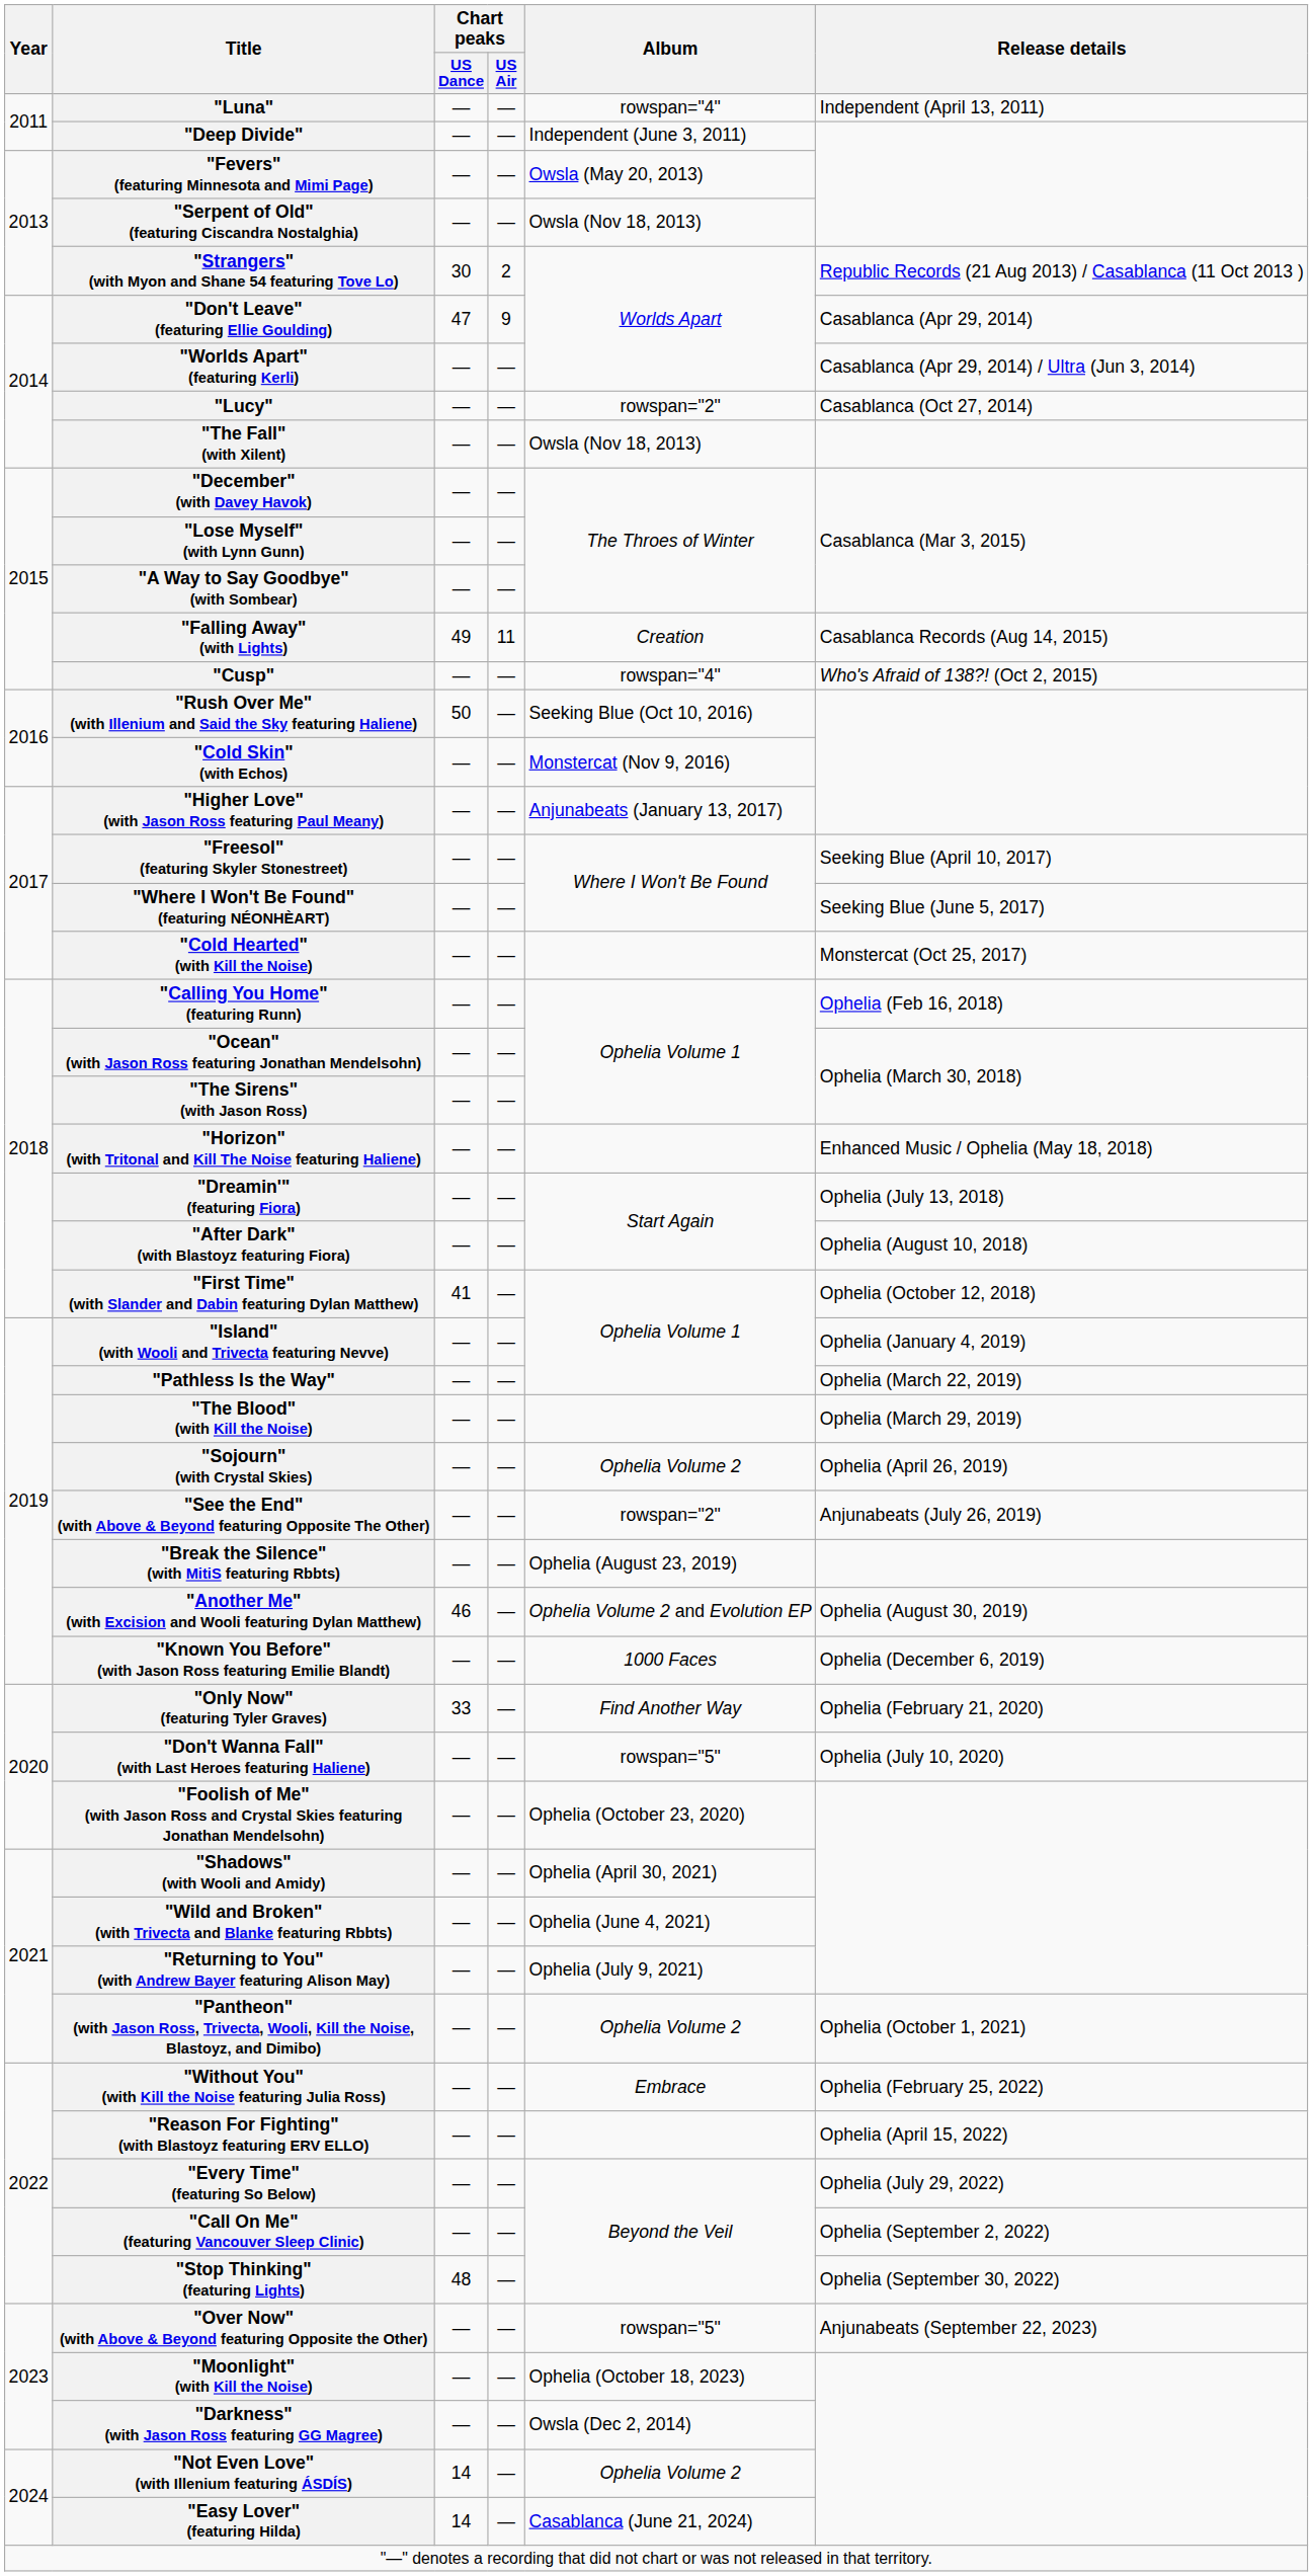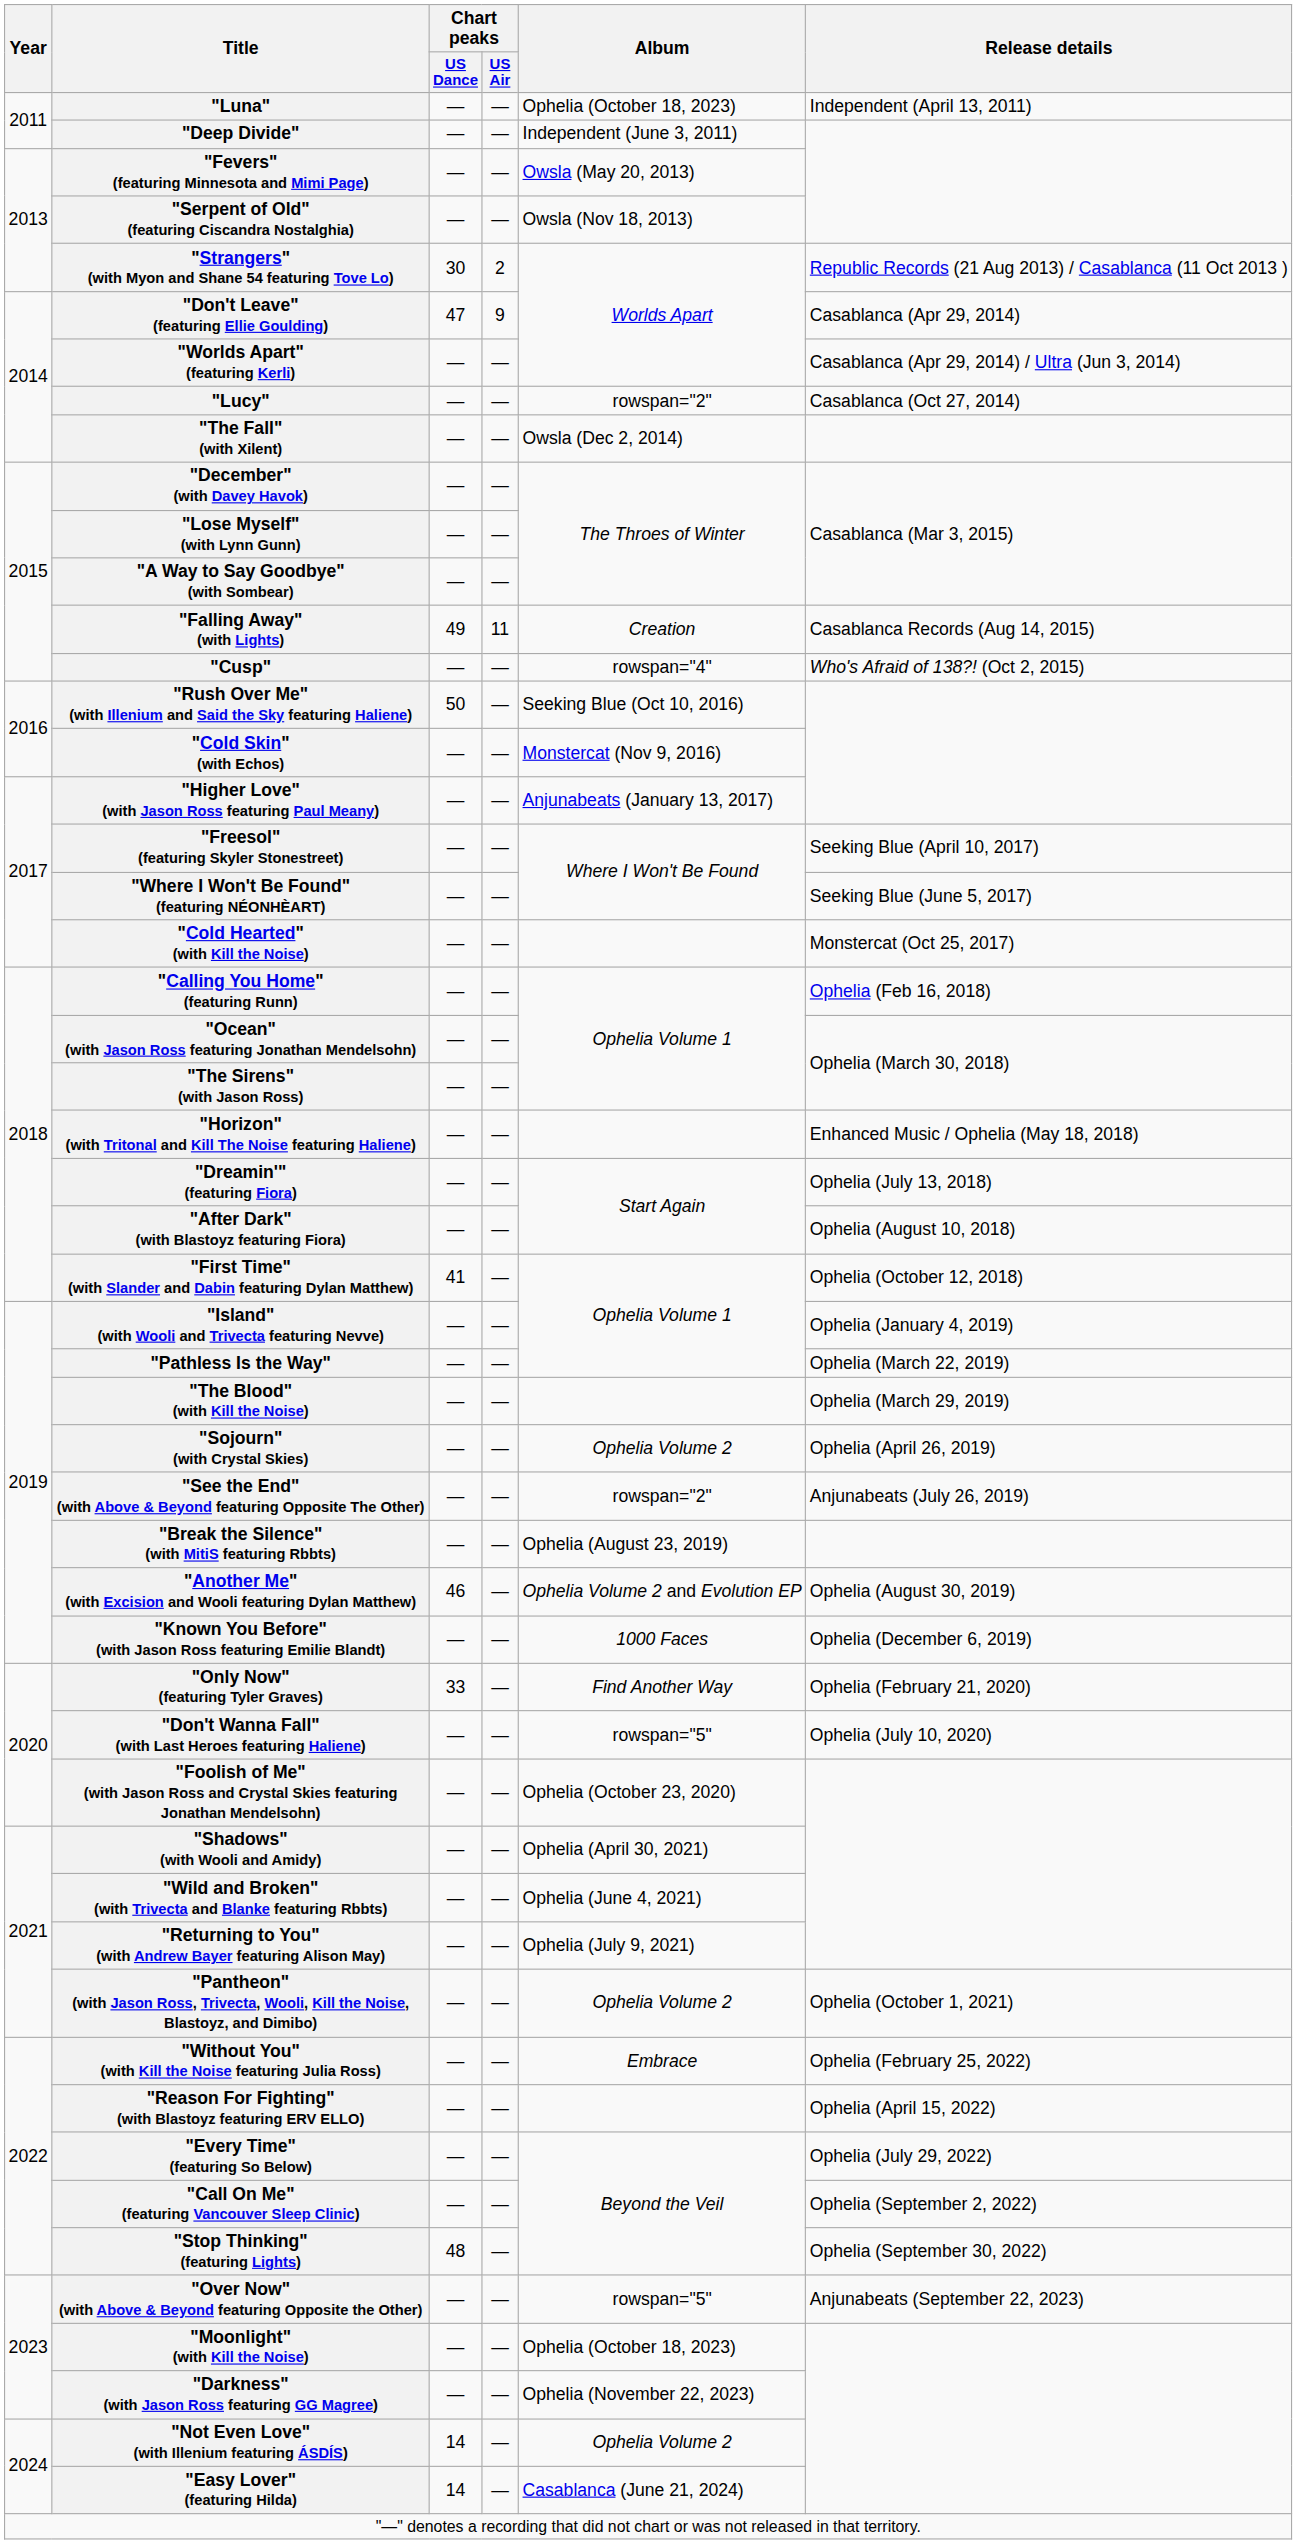 <table class="wikitable plainrowheaders" style="text-align:center;">
 <tr>
 <th scope="col" rowspan="2">Year</th>
 <th scope="col" rowspan="2" style="width:21em;">Title</th>
 <th scope="col" colspan="2">Chart peaks</th>
 <th scope="col" rowspan="2">Album</th>
 <th scope="col" rowspan="2">Release details</th>
 </tr>
 <tr>
 <th style="width:2em;font-size:85%;"><a href='#'>US Dance</a><br></th>
 <th style="width:2em;font-size:85%;"><a href='#'>US<br>Air</a><br></th>
 </tr>
 <tr>
 <td rowspan="2">2011</td>
 <th scope="row">"Luna"</th>
 <td>—</td>
 <td>—</td>
-<td>rowspan="4" </td>
+<td align="left">Ophelia (October 18, 2023)</td>
 <td align="left">Independent (April 13, 2011)</td>
 </tr>
 <tr>
 <th scope="row">"Deep Divide"</th>
 <td>—</td>
 <td>—</td>
 <td align="left">Independent (June 3, 2011)</td>
 </tr>
 <tr>
 <td rowspan="3">2013</td>
 <th scope="row">"Fevers" <br><small>(featuring Minnesota and <a href='#'>Mimi Page</a>)</small></th>
 <td>—</td>
 <td>—</td>
 <td align="left"><a href='#'>Owsla</a> (May 20, 2013)</td>
 </tr>
 <tr>
 <th scope="row">"Serpent of Old" <br><small>(featuring Ciscandra Nostalghia)</small></th>
 <td>—</td>
 <td>—</td>
 <td align="left">Owsla (Nov 18, 2013)</td>
 </tr>
 <tr>
 <th scope="row">"<a href='#'>Strangers</a>" <br><small>(with Myon and Shane 54 featuring <a href='#'>Tove Lo</a>)</small></th>
 <td>30</td>
 <td>2</td>
 <td rowspan="3"><em><a href='#'>Worlds Apart</a></em></td>
 <td align="left"><a href='#'>Republic Records</a> (21 Aug 2013) / <a href='#'>Casablanca</a> (11 Oct 2013 )</td>
 </tr>
 <tr>
 <td rowspan="4">2014</td>
 <th scope="row">"Don't Leave" <br><small>(featuring <a href='#'>Ellie Goulding</a>)</small></th>
 <td>47</td>
 <td>9</td>
 <td align="left">Casablanca (Apr 29, 2014)</td>
 </tr>
 <tr>
 <th scope="row">"Worlds Apart" <br><small>(featuring <a href='#'>Kerli</a>)</small></th>
 <td>—</td>
 <td>—</td>
 <td align="left">Casablanca (Apr 29, 2014) / <a href='#'>Ultra</a> (Jun 3, 2014)</td>
 </tr>
 <tr>
 <th scope="row">"Lucy"</th>
 <td>—</td>
 <td>—</td>
 <td>rowspan="2" </td>
 <td align="left">Casablanca (Oct 27, 2014)</td>
 </tr>
 <tr>
 <th scope="row">"The Fall" <br><small>(with Xilent)</small></th>
 <td>—</td>
 <td>—</td>
-<td align="left">Owsla (Nov 18, 2013)</td>
+<td align="left">Owsla (Dec 2, 2014)</td>
 </tr>
 <tr>
 <td rowspan="5">2015</td>
 <th scope="row">"December" <br><small>(with <a href='#'>Davey Havok</a>)</small></th>
 <td>—</td>
 <td>—</td>
 <td rowspan="3"><em>The Throes of Winter</em></td>
 <td align="left" rowspan="3">Casablanca (Mar 3, 2015)</td>
 </tr>
 <tr>
 <th scope="row">"Lose Myself" <br><small>(with Lynn Gunn)</small></th>
 <td>—</td>
 <td>—</td>
 </tr>
 <tr>
 <th scope="row">"A Way to Say Goodbye" <br><small>(with Sombear)</small></th>
 <td>—</td>
 <td>—</td>
 </tr>
 <tr>
 <th scope="row">"Falling Away" <br><small>(with <a href='#'>Lights</a>)</small></th>
 <td>49</td>
 <td>11</td>
 <td><em>Creation</em></td>
 <td align="left">Casablanca Records (Aug 14, 2015)</td>
 </tr>
 <tr>
 <th scope="row">"Cusp"</th>
 <td>—</td>
 <td>—</td>
 <td>rowspan="4" </td>
 <td align="left"><em>Who's Afraid of 138?!</em> (Oct 2, 2015)</td>
 </tr>
 <tr>
 <td rowspan="2">2016</td>
 <th scope="row">"Rush Over Me" <br><small>(with <a href='#'>Illenium</a> and <a href='#'>Said the Sky</a> featuring <a href='#'>Haliene</a>)</small></th>
 <td>50</td>
 <td>—</td>
 <td align="left">Seeking Blue (Oct 10, 2016)</td>
 </tr>
 <tr>
 <th scope="row">"<a href='#'>Cold Skin</a>" <br><small>(with Echos)</small></th>
 <td>—</td>
 <td>—</td>
 <td align="left"><a href='#'>Monstercat</a> (Nov 9, 2016)</td>
 </tr>
 <tr>
 <td rowspan="4">2017</td>
 <th scope="row">"Higher Love" <br><small>(with <a href='#'>Jason Ross</a> featuring <a href='#'>Paul Meany</a>)</small></th>
 <td>—</td>
 <td>—</td>
 <td align="left"><a href='#'>Anjunabeats</a> (January 13, 2017)</td>
 </tr>
 <tr>
 <th scope="row">"Freesol" <br><small>(featuring Skyler Stonestreet)</small></th>
 <td>—</td>
 <td>—</td>
 <td rowspan="2"><em>Where I Won't Be Found</em></td>
 <td align="left">Seeking Blue (April 10, 2017)</td>
 </tr>
 <tr>
 <th scope="row">"Where I Won't Be Found" <br><small>(featuring NÉONHÈART)</small></th>
 <td>—</td>
 <td>—</td>
 <td align="left">Seeking Blue (June 5, 2017)</td>
 </tr>
 <tr>
 <th scope="row">"<a href='#'>Cold Hearted</a>" <br><small>(with <a href='#'>Kill the Noise</a>)</small></th>
 <td>—</td>
 <td>—</td>
 <td></td>
 <td align="left">Monstercat (Oct 25, 2017)</td>
 </tr>
 <tr>
 <td rowspan="7">2018</td>
 <th scope="row">"<a href='#'>Calling You Home</a>" <br><small>(featuring Runn)</small></th>
 <td>—</td>
 <td>—</td>
 <td rowspan="3"><em>Ophelia Volume 1</em></td>
 <td align="left"><a href='#'>Ophelia</a> (Feb 16, 2018)</td>
 </tr>
 <tr>
 <th scope="row">"Ocean" <br><small>(with <a href='#'>Jason Ross</a> featuring Jonathan Mendelsohn)</small></th>
 <td>—</td>
 <td>—</td>
 <td align="left" rowspan="2">Ophelia (March 30, 2018)</td>
 </tr>
 <tr>
 <th scope="row">"The Sirens" <br><small>(with Jason Ross)</small></th>
 <td>—</td>
 <td>—</td>
 </tr>
 <tr>
 <th scope="row">"Horizon" <br><small>(with <a href='#'>Tritonal</a> and <a href='#'>Kill The Noise</a> featuring <a href='#'>Haliene</a>)</small></th>
 <td>—</td>
 <td>—</td>
 <td></td>
 <td align="left">Enhanced Music / Ophelia (May 18, 2018)</td>
 </tr>
 <tr>
 <th scope="row">"Dreamin'" <br><small>(featuring <a href='#'>Fiora</a>)</small></th>
 <td>—</td>
 <td>—</td>
 <td rowspan="2"><em>Start Again</em></td>
 <td align="left">Ophelia (July 13, 2018)</td>
 </tr>
 <tr>
 <th scope="row">"After Dark" <br><small>(with Blastoyz featuring Fiora)</small></th>
 <td>—</td>
 <td>—</td>
 <td align="left">Ophelia (August 10, 2018)</td>
 </tr>
 <tr>
 <th scope="row">"First Time"  <br><small>(with <a href='#'>Slander</a> and <a href='#'>Dabin</a> featuring Dylan Matthew)</small></th>
 <td>41 </td>
 <td>—</td>
 <td rowspan="3"><em>Ophelia Volume 1</em></td>
 <td align="left">Ophelia (October 12, 2018)</td>
 </tr>
 <tr>
 <td rowspan="8">2019</td>
 <th scope="row">"Island"  <br><small>(with <a href='#'>Wooli</a> and <a href='#'>Trivecta</a> featuring Nevve)</small></th>
 <td>—</td>
 <td>—</td>
 <td align="left">Ophelia (January 4, 2019)</td>
 </tr>
 <tr>
 <th scope="row">"Pathless Is the Way"</th>
 <td>—</td>
 <td>—</td>
 <td align="left">Ophelia (March 22, 2019)</td>
 </tr>
 <tr>
 <th scope="row">"The Blood"  <br><small>(with <a href='#'>Kill the Noise</a>)</small></th>
 <td>—</td>
 <td>—</td>
 <td></td>
 <td align="left">Ophelia (March 29, 2019)</td>
 </tr>
 <tr>
 <th scope="row">"Sojourn" <br><small>(with Crystal Skies)</small></th>
 <td>—</td>
 <td>—</td>
 <td><em>Ophelia Volume 2</em></td>
 <td align="left">Ophelia (April 26, 2019)</td>
 </tr>
 <tr>
 <th scope="row">"See the End" <br><small>(with <a href='#'>Above & Beyond</a> featuring Opposite The Other)</small></th>
 <td>—</td>
 <td>—</td>
 <td>rowspan="2" </td>
 <td align="left">Anjunabeats (July 26, 2019)</td>
 </tr>
 <tr>
 <th scope="row">"Break the Silence" <br><small>(with <a href='#'>MitiS</a> featuring Rbbts)</small></th>
 <td>—</td>
 <td>—</td>
 <td align="left">Ophelia (August 23, 2019)</td>
 </tr>
 <tr>
 <th scope="row">"<a href='#'>Another Me</a>" <br><small>(with <a href='#'>Excision</a> and Wooli featuring Dylan Matthew)</small></th>
 <td>46</td>
 <td>—</td>
 <td><em>Ophelia Volume 2</em> and <em>Evolution EP</em></td>
 <td align="left">Ophelia (August 30, 2019)</td>
 </tr>
 <tr>
 <th scope="row">"Known You Before" <br><small>(with Jason Ross featuring Emilie Blandt)</small></th>
 <td>—</td>
 <td>—</td>
 <td><em>1000 Faces</em></td>
 <td align="left">Ophelia (December 6, 2019)</td>
 </tr>
 <tr>
 <td rowspan="3">2020</td>
 <th scope="row">"Only Now" <br><small>(featuring Tyler Graves)</small></th>
 <td>33</td>
 <td>—</td>
 <td><em>Find Another Way</em></td>
 <td align="left">Ophelia (February 21, 2020)</td>
 </tr>
 <tr>
 <th scope="row">"Don't Wanna Fall" <br><small>(with Last Heroes featuring <a href='#'>Haliene</a>)</small></th>
 <td>—</td>
 <td>—</td>
 <td>rowspan="5" </td>
 <td align="left">Ophelia (July 10, 2020)</td>
 </tr>
 <tr>
 <th scope="row">"Foolish of Me" <br><small>(with Jason Ross and Crystal Skies featuring Jonathan Mendelsohn)</small></th>
 <td>—</td>
 <td>—</td>
 <td align="left">Ophelia (October 23, 2020)</td>
 </tr>
 <tr>
 <td rowspan="4">2021</td>
 <th scope="row">"Shadows" <br><small>(with Wooli and Amidy)</small></th>
 <td>—</td>
 <td>—</td>
 <td align="left">Ophelia (April 30, 2021)</td>
 </tr>
 <tr>
 <th scope="row">"Wild and Broken" <br><small>(with <a href='#'>Trivecta</a> and <a href='#'>Blanke</a> featuring Rbbts)</small></th>
 <td>—</td>
 <td>—</td>
 <td align="left">Ophelia (June 4, 2021)</td>
 </tr>
 <tr>
 <th scope="row">"Returning to You" <br><small>(with <a href='#'>Andrew Bayer</a> featuring Alison May)</small></th>
 <td>—</td>
 <td>—</td>
 <td align="left">Ophelia (July 9, 2021)</td>
 </tr>
 <tr>
 <th scope="row">"Pantheon" <br><small>(with <a href='#'>Jason Ross</a>, <a href='#'>Trivecta</a>, <a href='#'>Wooli</a>, <a href='#'>Kill the Noise</a>, Blastoyz, and Dimibo)</small></th>
 <td>—</td>
 <td>—</td>
 <td><em>Ophelia Volume 2</em></td>
 <td align="left">Ophelia (October 1, 2021)</td>
 </tr>
 <tr>
 <td rowspan="5">2022</td>
 <th scope="row">"Without You" <br><small>(with <a href='#'>Kill the Noise</a> featuring Julia Ross)</small></th>
 <td>—</td>
 <td>—</td>
 <td><em>Embrace</em></td>
 <td align="left">Ophelia (February 25, 2022)</td>
 </tr>
 <tr>
 <th scope="row">"Reason For Fighting" <br><small>(with Blastoyz featuring ERV ELLO)</small></th>
 <td>—</td>
 <td>—</td>
 <td></td>
 <td align="left">Ophelia (April 15, 2022)</td>
 </tr>
 <tr>
 <th scope="row">"Every Time" <br><small>(featuring So Below)</small></th>
 <td>—</td>
 <td>—</td>
 <td rowspan="3"><em>Beyond the Veil</em></td>
 <td align="left">Ophelia (July 29, 2022)</td>
 </tr>
 <tr>
 <th scope="row">"Call On Me" <br><small>(featuring <a href='#'>Vancouver Sleep Clinic</a>)</small></th>
 <td>—</td>
 <td>—</td>
 <td align="left">Ophelia (September 2, 2022)</td>
 </tr>
 <tr>
 <th scope="row">"Stop Thinking" <br><small>(featuring <a href='#'>Lights</a>)</small></th>
 <td>48</td>
 <td>—</td>
 <td align="left">Ophelia (September 30, 2022)</td>
 </tr>
 <tr>
 <td rowspan="3">2023</td>
 <th scope="row">"Over Now" <br><small>(with <a href='#'>Above & Beyond</a> featuring Opposite the Other)</small></th>
 <td>—</td>
 <td>—</td>
 <td>rowspan="5" </td>
 <td align="left">Anjunabeats (September 22, 2023)</td>
 </tr>
 <tr>
 <th scope="row">"Moonlight" <br><small>(with <a href='#'>Kill the Noise</a>)</small></th>
 <td>—</td>
 <td>—</td>
 <td align="left">Ophelia (October 18, 2023)</td>
 </tr>
 <tr>
 <th scope="row">"Darkness" <br><small>(with <a href='#'>Jason Ross</a> featuring <a href='#'>GG Magree</a>)</small></th>
 <td>—</td>
 <td>—</td>
-<td align="left">Owsla (Dec 2, 2014)</td>
+<td align="left">Ophelia (November 22, 2023)</td>
 </tr>
 <tr>
 <td rowspan="2">2024</td>
 <th scope="row">"Not Even Love" <br><small>(with Illenium featuring <a href='#'>ÁSDÍS</a>)</small></th>
 <td>14</td>
 <td>—</td>
 <td><em>Ophelia Volume 2</em></td>
 </tr>
 <tr>
 <th scope="row">"Easy Lover" <br><small>(featuring Hilda)</small></th>
 <td>14</td>
 <td>—</td>
 <td align="left"><a href='#'>Casablanca</a> (June 21, 2024)</td>
 </tr>
 <tr>
 <td colspan="7" style="font-size:90%">"—" denotes a recording that did not chart or was not released in that territory.</td>
 </tr>
 </table>
